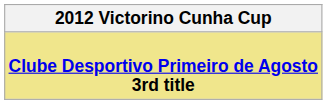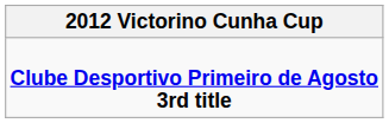 <table class=wikitable style="text-align:center; margin:auto">
 <tr>
 <th>2012 Victorino Cunha Cup</th>
 </tr>
 <tr>
-<td style="background: khaki;"><br><strong><a href='#'>Clube Desportivo Primeiro de Agosto</a></strong><br><strong>3rd title</strong></td>
+<td><br><strong><a href='#'>Clube Desportivo Primeiro de Agosto</a></strong><br><strong>3rd title</strong></td>
 </tr>
 </table>
